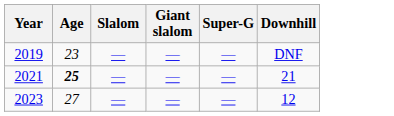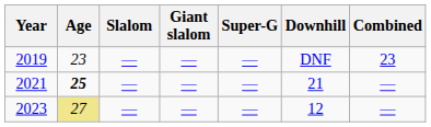 <table class=wikitable style="text-align:center">
 <tr>
 <th>  Year  </th>
 <th> Age </th>
 <th> Sla­lom </th>
 <th> Giant <br> slalom </th>
 <th>Super-G</th>
 <th>Down­hill</th>
+<th>Com­bined</th>
 </tr>
 <tr>
 <td><a href='#'>2019</a></td>
 <td><em>23</em></td>
 <td><a href='#'>—</a></td>
 <td><a href='#'>—</a></td>
 <td><a href='#'>—</a></td>
 <td><a href='#'>DNF</a></td>
+<td><a href='#'>23</a></td>
 </tr>
 <tr>
 <td><a href='#'>2021</a></td>
 <td><strong><em>25</em></strong></td>
 <td><a href='#'>—</a></td>
 <td><a href='#'>—</a></td>
 <td><a href='#'>—</a></td>
 <td><a href='#'>21</a></td>
+<td><a href='#'>—</a></td>
 </tr>
 <tr>
 <td><a href='#'>2023</a></td>
-<td><em>27</em></td>
+<td style="background: khaki;"><em>27</em></td>
 <td><a href='#'>—</a></td>
 <td><a href='#'>—</a></td>
 <td><a href='#'>—</a></td>
 <td><a href='#'>12</a></td>
+<td><a href='#'>—</a></td>
 </tr>
 </table>
